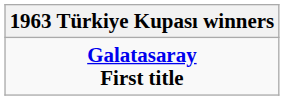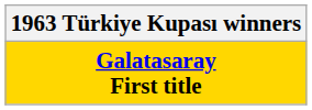 <table class="wikitable" style="text-align: center; margin: 0 auto;">
 <tr>
 <th>1963 Türkiye Kupası winners</th>
 </tr>
 <tr>
-<td><strong><a href='#'>Galatasaray</a></strong><br><strong>First title</strong></td>
+<td style="background: gold;"><strong><a href='#'>Galatasaray</a></strong><br><strong>First title</strong></td>
 </tr>
 </table>
